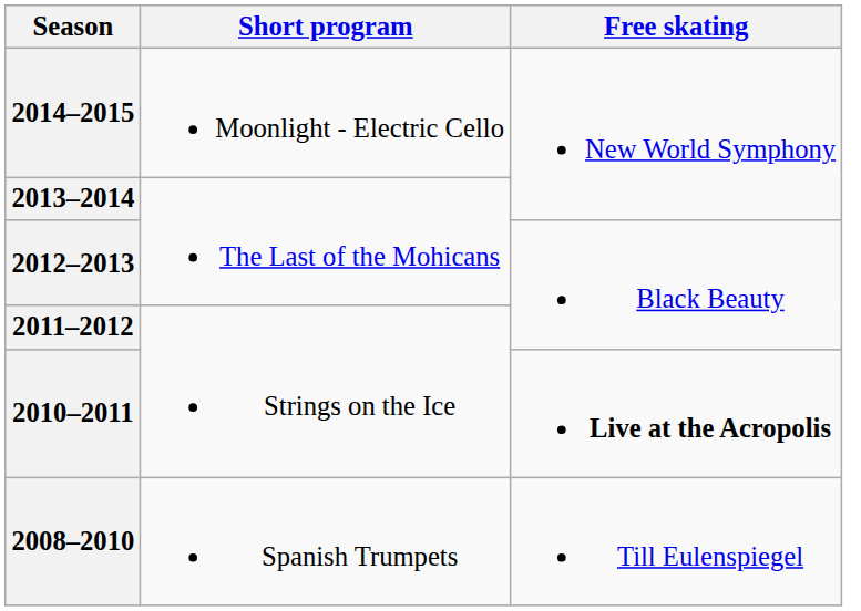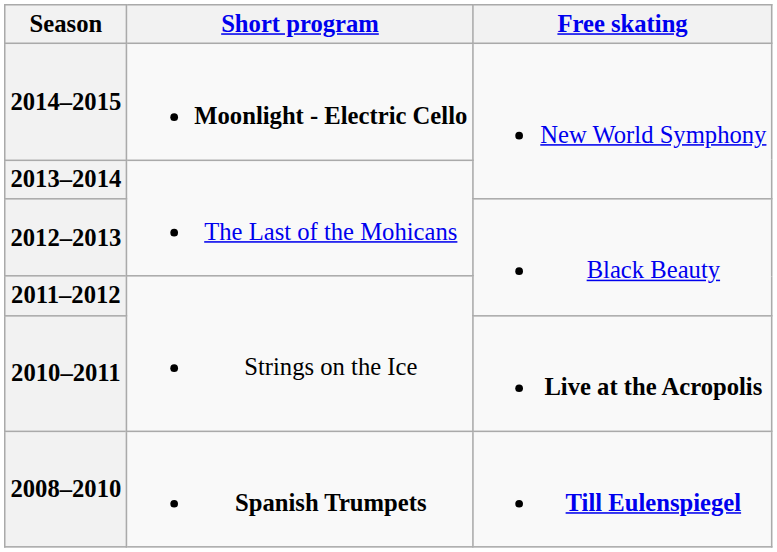 <table class=wikitable style=text-align:center>
 <tr>
 <th>Season</th>
 <th><a href='#'>Short program</a></th>
 <th><a href='#'>Free skating</a></th>
 </tr>
 <tr>
 <th>2014–2015 <br> </th>
-<td><br><ul><li>Moonlight - Electric Cello <br></li></ul></td>
+<td><strong><br><ul><li>Moonlight - Electric Cello <br></li></ul></strong></td>
 <td rowspan=2><br><ul><li><a href='#'>New World Symphony</a> <br></li></ul></td>
 </tr>
 <tr>
 <th>2013–2014 <br> </th>
 <td rowspan=2><br><ul><li><a href='#'>The Last of the Mohicans</a> <br></li></ul></td>
 </tr>
 <tr>
 <th>2012–2013 <br> </th>
 <td rowspan=2><br><ul><li><a href='#'>Black Beauty</a> <br></li></ul></td>
 </tr>
 <tr>
 <th>2011–2012 <br> </th>
 <td rowspan=2><br><ul><li>Strings on the Ice <br></li></ul></td>
 </tr>
 <tr>
 <th>2010–2011 <br> </th>
 <td><strong><br><ul><li>Live at the Acropolis <br></li></ul></strong></td>
 </tr>
 <tr>
 <th>2008–2010 <br> </th>
-<td><br><ul><li>Spanish Trumpets <br></li></ul></td>
-<td><br><ul><li><a href='#'>Till Eulenspiegel</a> <br></li></ul></td>
+<td><strong><br><ul><li>Spanish Trumpets <br></li></ul></strong></td>
+<td><strong><br><ul><li><a href='#'>Till Eulenspiegel</a> <br></li></ul></strong></td>
 </tr>
 </table>
